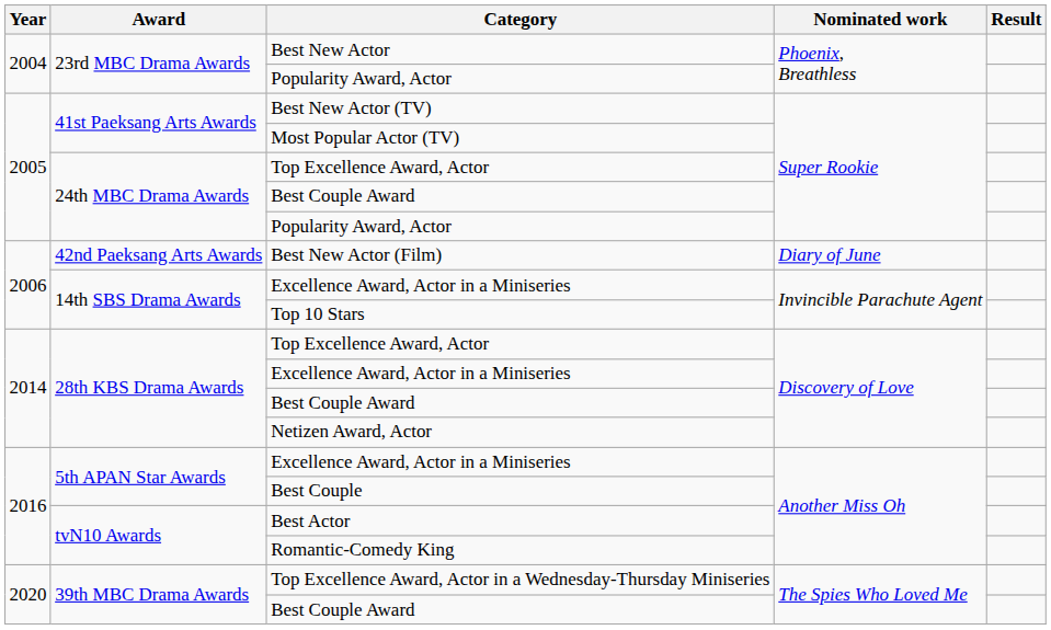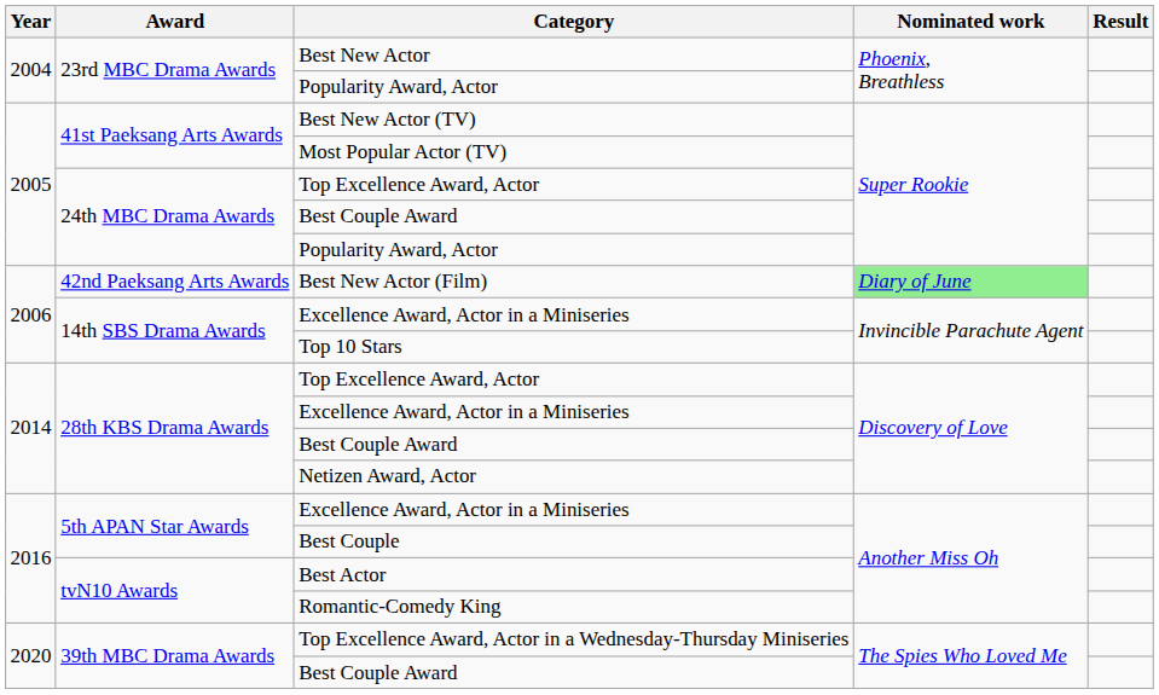 <table class="wikitable sortable">
 <tr>
 <th scope="col">Year</th>
 <th>Award</th>
 <th scope="col">Category</th>
 <th>Nominated work</th>
 <th scope="col">Result</th>
 </tr>
 <tr>
 <td rowspan="2">2004</td>
 <td rowspan="2">23rd <a href='#'>MBC Drama Awards</a></td>
 <td>Best New Actor</td>
 <td rowspan="2"><a href='#'><em>Phoenix</em></a>, <br><em>Breathless</em></td>
 <td></td>
 </tr>
 <tr>
 <td>Popularity Award, Actor</td>
 <td></td>
 </tr>
 <tr>
 <td rowspan="5">2005</td>
 <td rowspan="2"><a href='#'>41st Paeksang Arts Awards</a></td>
 <td>Best New Actor (TV)</td>
 <td rowspan="5"><em><a href='#'>Super Rookie</a></em></td>
 <td></td>
 </tr>
 <tr>
 <td>Most Popular Actor (TV)</td>
 <td></td>
 </tr>
 <tr>
 <td rowspan="3">24th <a href='#'>MBC Drama Awards</a></td>
 <td>Top Excellence Award, Actor</td>
 <td></td>
 </tr>
 <tr>
 <td>Best Couple Award </td>
 <td></td>
 </tr>
 <tr>
 <td>Popularity Award, Actor</td>
 <td></td>
 </tr>
 <tr>
 <td rowspan="3">2006</td>
 <td><a href='#'>42nd Paeksang Arts Awards</a></td>
 <td>Best New Actor (Film)</td>
-<td><em><a href='#'>Diary of June</a></em></td>
+<td style="background: lightgreen;"><em><a href='#'>Diary of June</a></em></td>
 <td></td>
 </tr>
 <tr>
 <td rowspan="2">14th <a href='#'>SBS Drama Awards</a></td>
 <td>Excellence Award, Actor in a Miniseries</td>
 <td rowspan="2"><em>Invincible Parachute Agent</em></td>
 <td></td>
 </tr>
 <tr>
 <td>Top 10 Stars</td>
 <td></td>
 </tr>
 <tr>
 <td rowspan="4">2014</td>
 <td rowspan="4"><a href='#'>28th KBS Drama Awards</a></td>
 <td>Top Excellence Award, Actor</td>
 <td rowspan="4"><em><a href='#'>Discovery of Love</a></em></td>
 <td></td>
 </tr>
 <tr>
 <td>Excellence Award, Actor in a Miniseries</td>
 <td></td>
 </tr>
 <tr>
 <td>Best Couple Award </td>
 <td></td>
 </tr>
 <tr>
 <td>Netizen Award, Actor</td>
 <td></td>
 </tr>
 <tr>
 <td rowspan="4">2016</td>
 <td rowspan="2"><a href='#'>5th APAN Star Awards</a></td>
 <td>Excellence Award, Actor in a Miniseries</td>
 <td rowspan="4"><em><a href='#'>Another Miss Oh</a></em></td>
 <td></td>
 </tr>
 <tr>
 <td>Best Couple </td>
 <td></td>
 </tr>
 <tr>
 <td rowspan="2"><a href='#'>tvN10 Awards</a></td>
 <td>Best Actor</td>
 <td></td>
 </tr>
 <tr>
 <td>Romantic-Comedy King</td>
 <td></td>
 </tr>
 <tr>
 <td rowspan="2">2020</td>
 <td rowspan="2"><a href='#'>39th MBC Drama Awards</a></td>
 <td>Top Excellence Award, Actor in a Wednesday-Thursday Miniseries</td>
 <td rowspan="2"><em><a href='#'>The Spies Who Loved Me</a></em></td>
 <td></td>
 </tr>
 <tr>
 <td>Best Couple Award </td>
 <td></td>
 </tr>
 </table>
